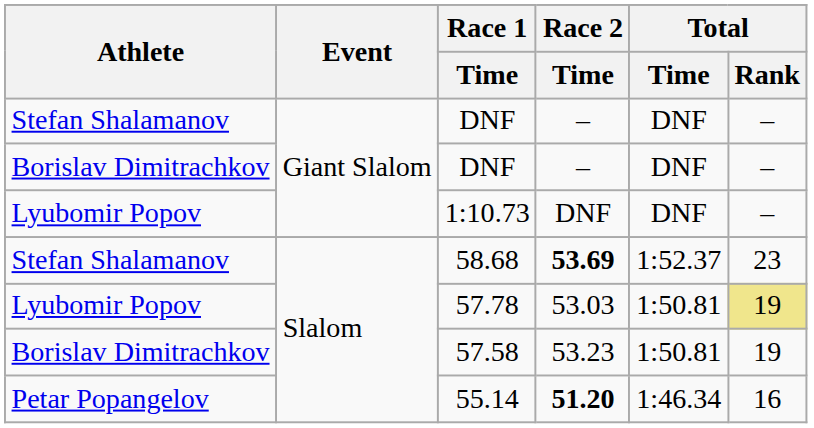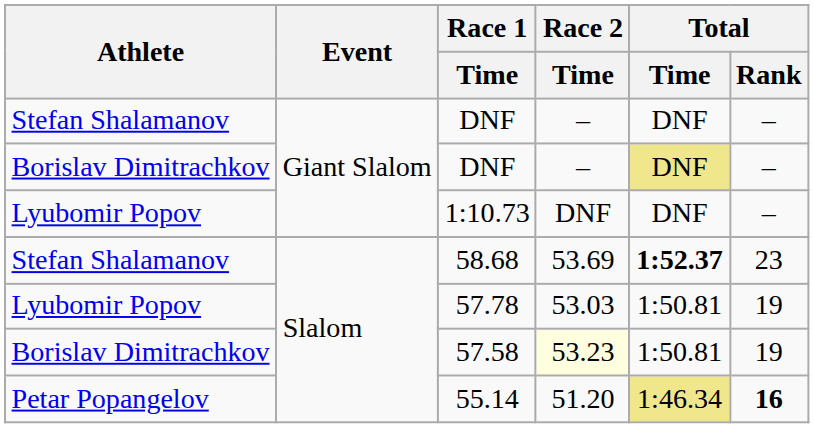 <table class="wikitable" style="font-size:90%">
 <tr>
 <th rowspan="2">Athlete</th>
 <th rowspan="2">Event</th>
 <th>Race 1</th>
 <th>Race 2</th>
 <th colspan="2">Total</th>
 </tr>
 <tr>
 <th>Time</th>
 <th>Time</th>
 <th>Time</th>
 <th>Rank</th>
 </tr>
 <tr>
 <td><a href='#'>Stefan Shalamanov</a></td>
 <td rowspan="3">Giant Slalom</td>
 <td align="center">DNF</td>
 <td align="center">–</td>
 <td align="center">DNF</td>
 <td align="center">–</td>
 </tr>
 <tr>
 <td><a href='#'>Borislav Dimitrachkov</a></td>
 <td align="center">DNF</td>
 <td align="center">–</td>
-<td align="center">DNF</td>
+<td align="center" style="background: khaki;">DNF</td>
 <td align="center">–</td>
 </tr>
 <tr>
 <td><a href='#'>Lyubomir Popov</a></td>
 <td align="center">1:10.73</td>
 <td align="center">DNF</td>
 <td align="center">DNF</td>
 <td align="center">–</td>
 </tr>
 <tr>
 <td><a href='#'>Stefan Shalamanov</a></td>
 <td rowspan="4">Slalom</td>
 <td align="center">58.68</td>
-<td align="center"><strong>53.69</strong></td>
-<td align="center">1:52.37</td>
+<td align="center">53.69</td>
+<td align="center"><strong>1:52.37</strong></td>
 <td align="center">23</td>
 </tr>
 <tr>
 <td><a href='#'>Lyubomir Popov</a></td>
 <td align="center">57.78</td>
 <td align="center">53.03</td>
 <td align="center">1:50.81</td>
-<td align="center" style="background: khaki;">19</td>
+<td align="center">19</td>
 </tr>
 <tr>
 <td><a href='#'>Borislav Dimitrachkov</a></td>
 <td align="center">57.58</td>
-<td align="center">53.23</td>
+<td align="center" style="background: lightyellow;">53.23</td>
 <td align="center">1:50.81</td>
 <td align="center">19</td>
 </tr>
 <tr>
 <td><a href='#'>Petar Popangelov</a></td>
 <td align="center">55.14</td>
-<td align="center"><strong>51.20</strong></td>
-<td align="center">1:46.34</td>
-<td align="center">16</td>
+<td align="center">51.20</td>
+<td align="center" style="background: khaki;">1:46.34</td>
+<td align="center"><strong>16</strong></td>
 </tr>
 </table>
